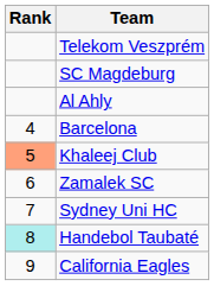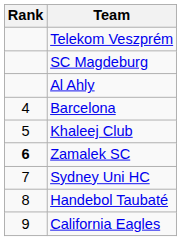 <table class="wikitable">
 <tr>
 <th>Rank</th>
 <th>Team</th>
 </tr>
 <tr>
 <td align=center></td>
 <td> <a href='#'>Telekom Veszprém</a></td>
 </tr>
 <tr>
 <td align=center></td>
 <td> <a href='#'>SC Magdeburg</a></td>
 </tr>
 <tr>
 <td align=center></td>
 <td> <a href='#'>Al Ahly</a></td>
 </tr>
 <tr>
 <td align=center>4</td>
 <td> <a href='#'>Barcelona</a></td>
 </tr>
 <tr>
-<td align=center style="background: lightsalmon;">5</td>
+<td align=center>5</td>
 <td> <a href='#'>Khaleej Club</a></td>
 </tr>
 <tr>
-<td align=center>6</td>
+<td align=center><strong>6</strong></td>
 <td> <a href='#'>Zamalek SC</a></td>
 </tr>
 <tr>
 <td align=center>7</td>
 <td> <a href='#'>Sydney Uni HC</a></td>
 </tr>
 <tr>
-<td align=center style="background: paleturquoise;">8</td>
+<td align=center>8</td>
 <td> <a href='#'>Handebol Taubaté</a></td>
 </tr>
 <tr>
 <td align=center>9</td>
 <td> <a href='#'>California Eagles</a></td>
 </tr>
 </table>
